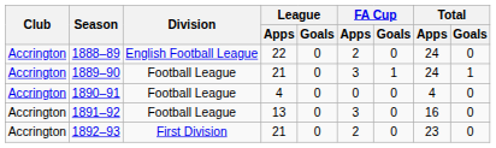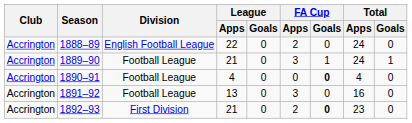 <table class="wikitable" style="text-align:center;">
 <tr>
 <th rowspan="2">Club</th>
 <th rowspan="2">Season</th>
 <th rowspan="2">Division</th>
 <th colspan="2">League</th>
 <th colspan="2"><a href='#'>FA Cup</a></th>
 <th colspan="2">Total</th>
 </tr>
 <tr>
 <th>Apps</th>
 <th>Goals</th>
 <th>Apps</th>
 <th>Goals</th>
 <th>Apps</th>
 <th>Goals</th>
 </tr>
 <tr>
 <td><a href='#'>Accrington</a></td>
 <td><a href='#'>1888–89</a></td>
 <td><a href='#'>English Football League</a></td>
 <td>22</td>
 <td>0</td>
 <td>2</td>
 <td>0</td>
 <td>24</td>
 <td>0</td>
 </tr>
 <tr>
 <td><a href='#'>Accrington</a></td>
 <td><a href='#'>1889–90</a></td>
 <td>Football League</td>
 <td>21</td>
 <td>0</td>
 <td>3</td>
 <td>1</td>
 <td>24</td>
 <td>1</td>
 </tr>
 <tr>
 <td><a href='#'>Accrington</a></td>
 <td><a href='#'>1890–91</a></td>
 <td>Football League</td>
 <td>4</td>
 <td>0</td>
 <td>0</td>
-<td>0</td>
+<td><strong>0</strong></td>
 <td>4</td>
 <td>0</td>
 </tr>
 <tr>
 <td>Accrington</td>
 <td><a href='#'>1891–92</a></td>
 <td>Football League</td>
 <td>13</td>
 <td>0</td>
 <td>3</td>
 <td>0</td>
 <td>16</td>
 <td>0</td>
 </tr>
 <tr>
 <td>Accrington</td>
 <td><a href='#'>1892–93</a></td>
 <td><a href='#'>First Division</a></td>
 <td>21</td>
 <td>0</td>
 <td>2</td>
-<td>0</td>
+<td><strong>0</strong></td>
 <td>23</td>
 <td>0</td>
 </tr>
 </table>
